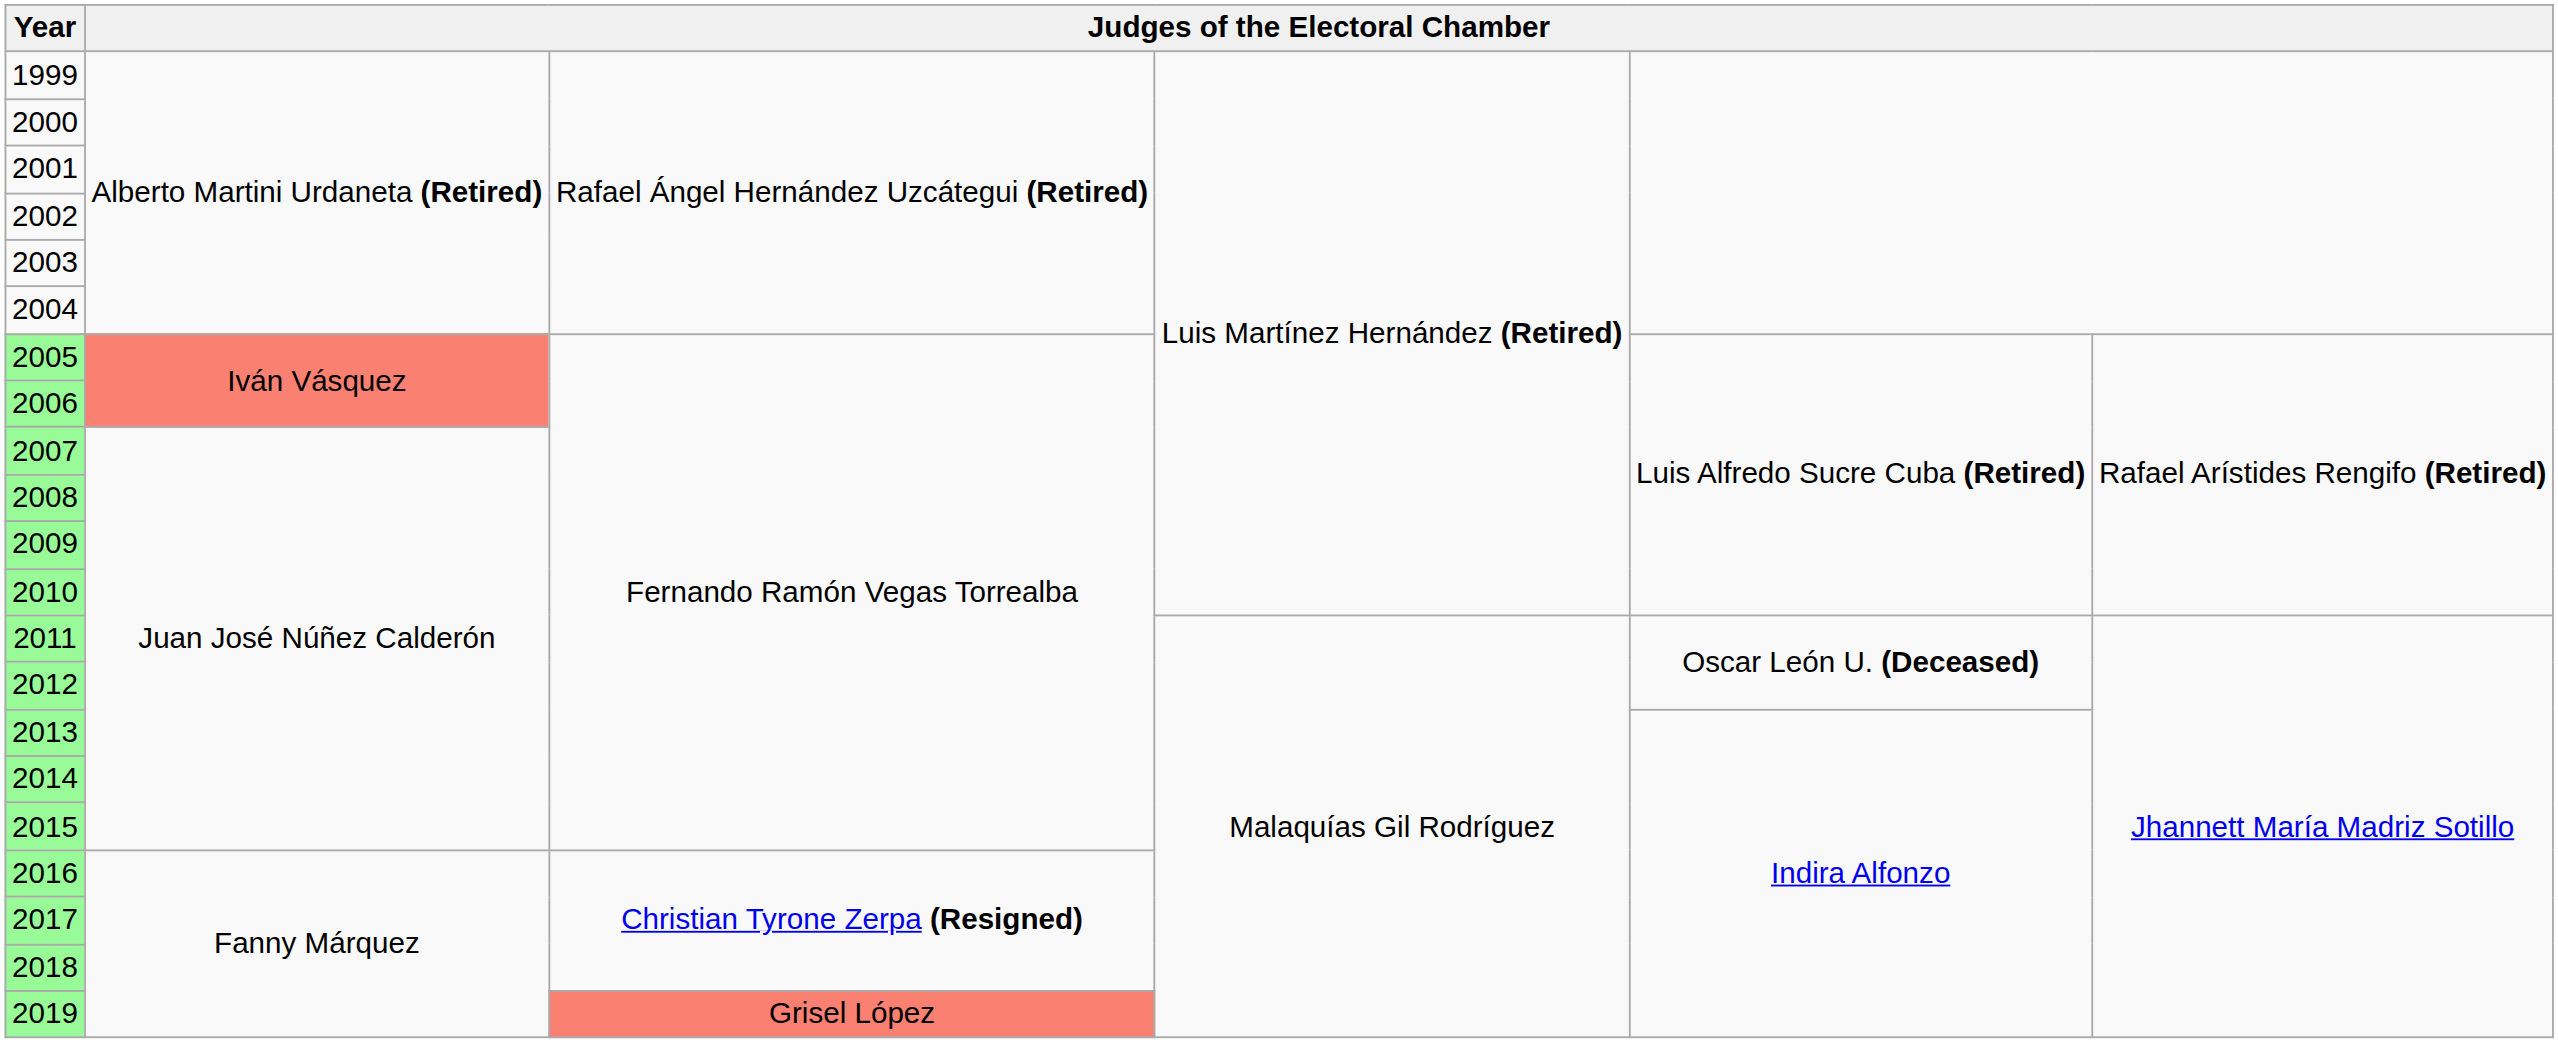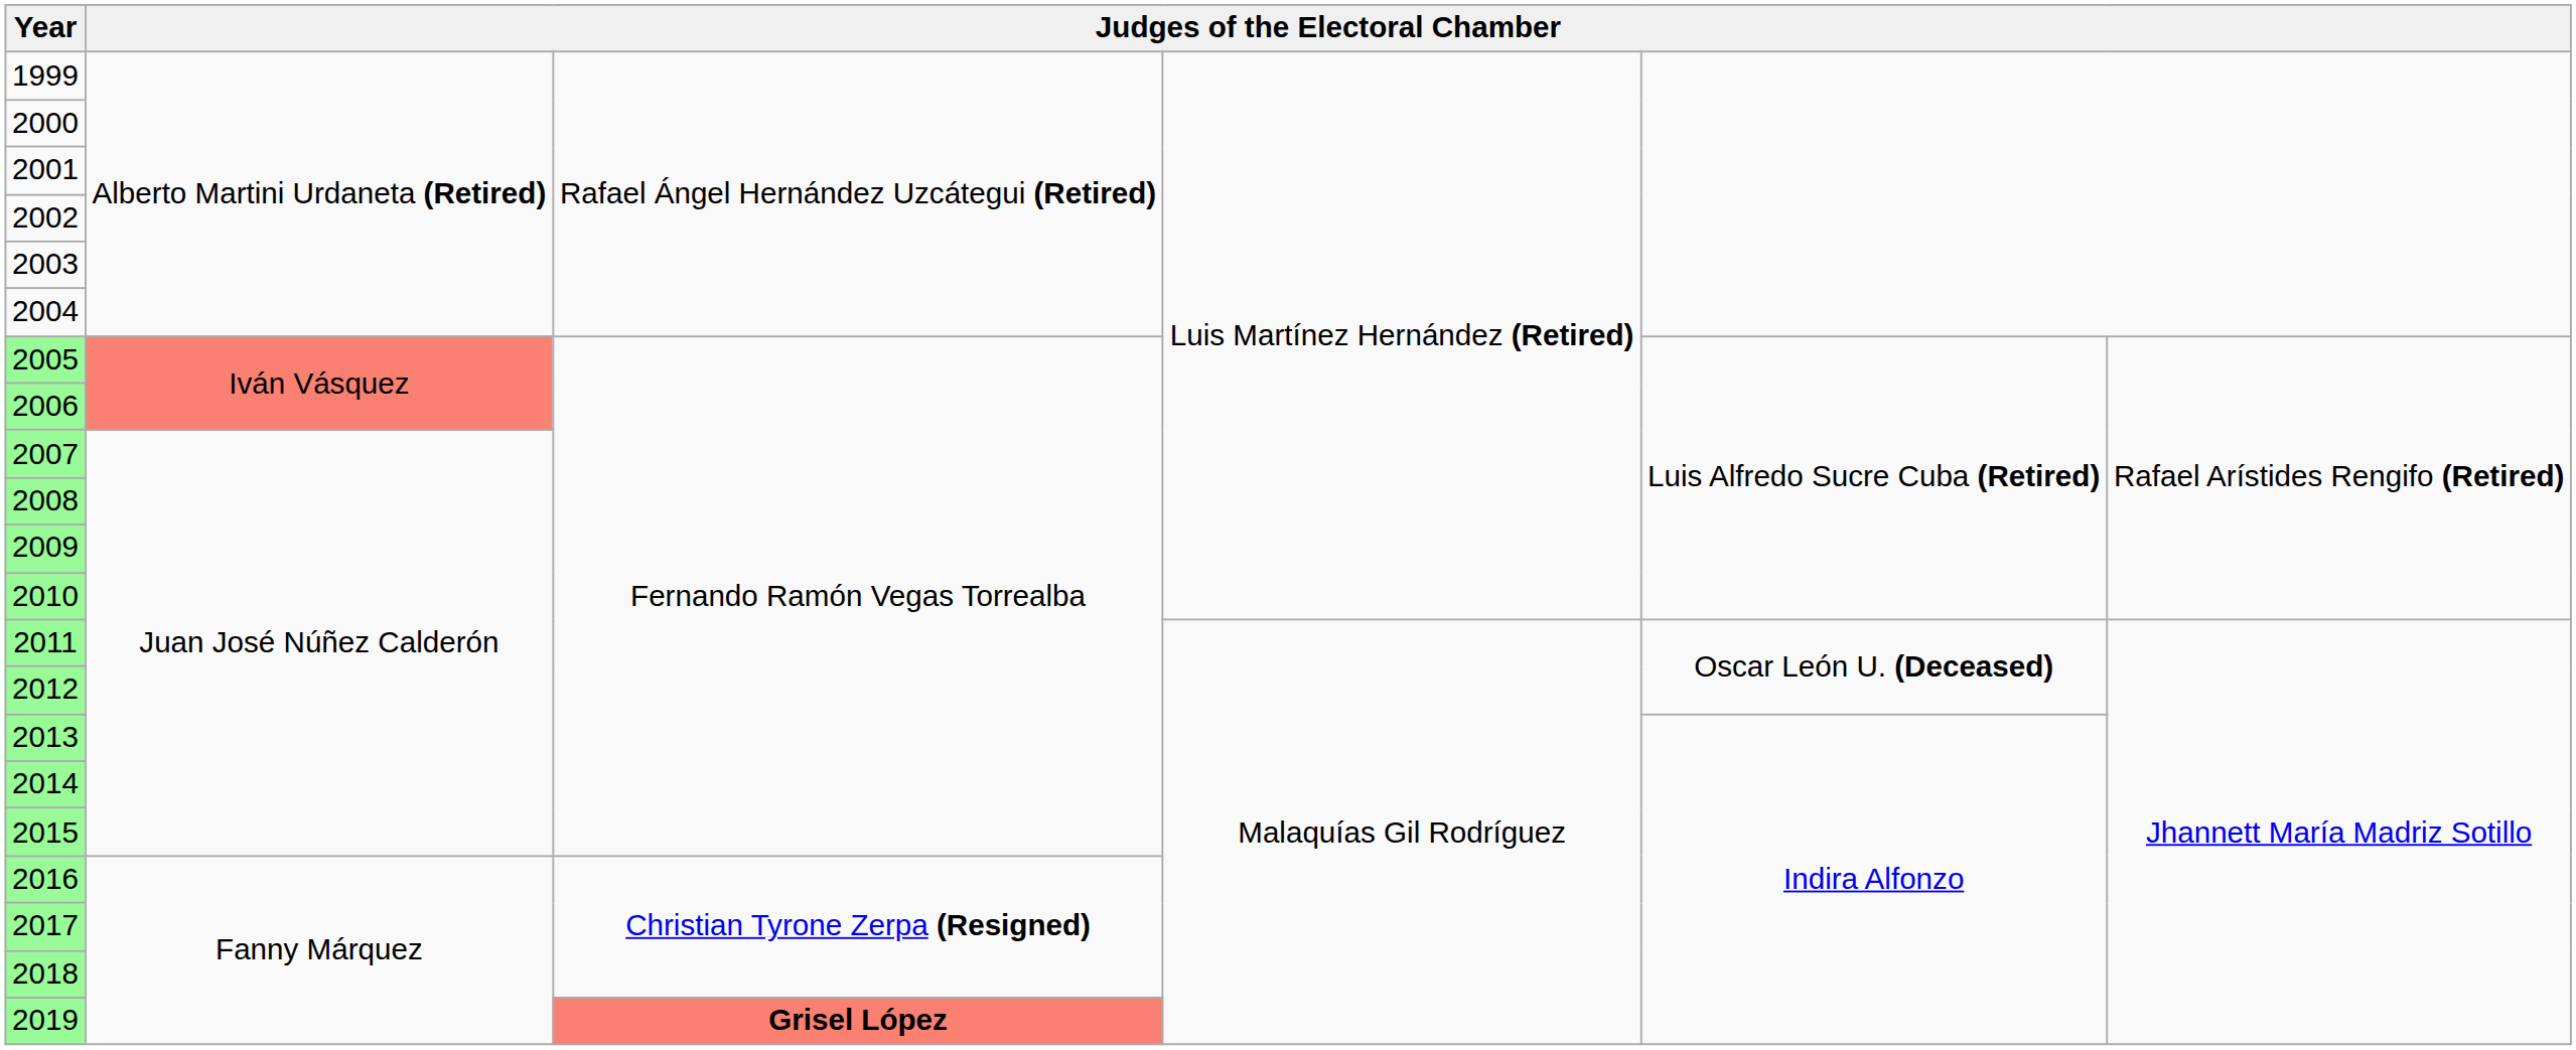 <table class="wikitable" style="margin:1em auto; text-align:center">
 <tr style="text-align:center; background:#f0f0f0;">
 <td><strong>Year</strong></td>
 <td colspan="5"><strong>Judges of the Electoral Chamber</strong></td>
 </tr>
 <tr>
 <td>1999</td>
 <td rowspan="6">Alberto Martini Urdaneta <strong>(Retired)</strong></td>
 <td rowspan="6">Rafael Ángel Hernández Uzcátegui <strong>(Retired)</strong></td>
 <td rowspan="12">Luis Martínez Hernández <strong>(Retired)</strong></td>
 <td colspan="2" rowspan="6"></td>
 </tr>
 <tr>
 <td>2000</td>
 </tr>
 <tr>
 <td>2001</td>
 </tr>
 <tr>
 <td>2002</td>
 </tr>
 <tr>
 <td>2003</td>
 </tr>
 <tr>
 <td>2004</td>
 </tr>
 <tr>
 <td style="background:#98fb98; text-align:center;">2005</td>
 <td style="background:salmon;" rowspan="2">Iván Vásquez</td>
 <td rowspan="11">Fernando Ramón Vegas Torrealba</td>
 <td rowspan="6">Luis Alfredo Sucre Cuba <strong>(Retired)</strong></td>
 <td rowspan="6">Rafael Arístides Rengifo <strong>(Retired)</strong></td>
 </tr>
 <tr>
 <td style="background:#98fb98; text-align:center;">2006</td>
 </tr>
 <tr>
 <td style="background:#98fb98; text-align:center;">2007</td>
 <td rowspan="9">Juan José Núñez Calderón</td>
 </tr>
 <tr>
 <td style="background:#98fb98; text-align:center;">2008</td>
 </tr>
 <tr>
 <td style="background:#98fb98; text-align:center;">2009</td>
 </tr>
 <tr>
 <td style="background:#98fb98; text-align:center;">2010</td>
 </tr>
 <tr>
 <td style="background:#98fb98; text-align:center;">2011</td>
 <td rowspan="9">Malaquías Gil Rodríguez</td>
 <td rowspan="2">Oscar León U. <strong>(Deceased)</strong></td>
 <td rowspan="9"><a href='#'>Jhannett María Madriz Sotillo</a></td>
 </tr>
 <tr>
 <td style="background:#98fb98; text-align:center;">2012</td>
 </tr>
 <tr>
 <td style="background:#98fb98; text-align:center;">2013</td>
 <td rowspan="7"><a href='#'>Indira Alfonzo</a></td>
 </tr>
 <tr>
 <td style="background:#98fb98; text-align:center;">2014</td>
 </tr>
 <tr>
 <td style="background:#98fb98; text-align:center;">2015</td>
 </tr>
 <tr>
 <td style="background:#98fb98; text-align:center;">2016</td>
 <td rowspan="4">Fanny Márquez</td>
 <td rowspan="3"><a href='#'>Christian Tyrone Zerpa</a> <strong>(Resigned)</strong></td>
 </tr>
 <tr>
 <td style="background:#98fb98; text-align:center;">2017</td>
 </tr>
 <tr>
 <td style="background:#98fb98; text-align:center;">2018</td>
 </tr>
 <tr>
 <td style="background:#98fb98; text-align:center;">2019</td>
-<td style="background:salmon;">Grisel López</td>
+<td style="background:salmon;"><strong>Grisel López</strong></td>
 </tr>
 </table>
